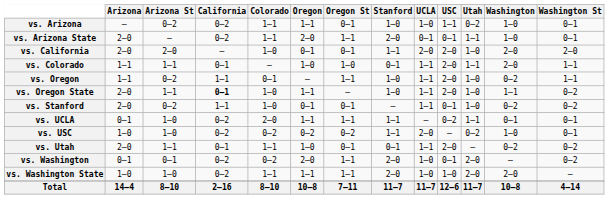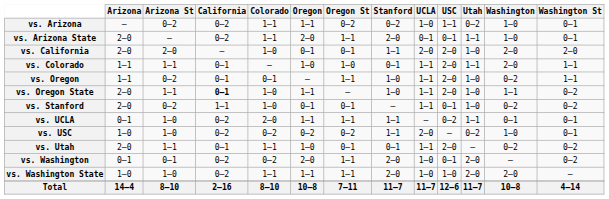 <table class="wikitable" style="white-space:nowrap;font-size:90%;">
 <tr>
 <th colspan=1 style="background:white; border-top-style:hidden; border-left-style:hidden;"   width=75> </th>
 <th>Arizona</th>
 <th>Arizona St</th>
 <th>California</th>
 <th>Colorado</th>
 <th>Oregon</th>
 <th>Oregon St</th>
 <th>Stanford</th>
 <th>UCLA</th>
 <th>USC</th>
 <th>Utah</th>
 <th>Washington</th>
 <th>Washington St</th>
 </tr>
 <tr style="text-align:center;">
 <th>vs. Arizona</th>
 <td>–</td>
 <td>0–2</td>
 <td>0–2</td>
 <td>1–1</td>
 <td>1–1</td>
-<td>0–1</td>
-<td>1–0</td>
+<td>0–2</td>
+<td>0–2</td>
 <td>1–0</td>
 <td>1–1</td>
 <td>0–2</td>
 <td>1–0</td>
 <td>0–1</td>
 </tr>
 <tr style="text-align:center;">
 <th>vs. Arizona State</th>
 <td>2–0</td>
 <td>–</td>
 <td>0–2</td>
 <td>1–1</td>
 <td>2–0</td>
 <td>1–1</td>
 <td>2–0</td>
 <td>0–1</td>
 <td>0–1</td>
 <td>1–1</td>
 <td>1–0</td>
 <td>0–1</td>
 </tr>
 <tr style="text-align:center;">
 <th>vs. California</th>
 <td>2–0</td>
 <td>2–0</td>
 <td>–</td>
 <td>1–0</td>
 <td>0–1</td>
 <td>0–1</td>
 <td>1–1</td>
 <td>2–0</td>
 <td>2–0</td>
 <td>1–0</td>
 <td>2–0</td>
 <td>2–0</td>
 </tr>
 <tr style="text-align:center;">
 <th>vs. Colorado</th>
 <td>1–1</td>
 <td>1–1</td>
 <td>0–1</td>
 <td>–</td>
 <td>1–0</td>
 <td>1–0</td>
 <td>0–1</td>
 <td>1–1</td>
 <td>2–0</td>
 <td>1–1</td>
 <td>2–0</td>
 <td>1–1</td>
 </tr>
 <tr style="text-align:center;">
 <th>vs. Oregon</th>
 <td>1–1</td>
 <td>0–2</td>
-<td>1–1</td>
+<td>0–1</td>
 <td>0–1</td>
 <td>–</td>
 <td>1–1</td>
 <td>1–0</td>
 <td>1–1</td>
 <td>2–0</td>
 <td>1–0</td>
 <td>0–2</td>
 <td>1–1</td>
 </tr>
 <tr style="text-align:center;">
 <th>vs. Oregon State</th>
 <td>2–0</td>
 <td>1–1</td>
 <td><strong>0–1</strong></td>
 <td>1–0</td>
 <td>1–1</td>
 <td>–</td>
 <td>1–0</td>
 <td>1–1</td>
 <td>2–0</td>
 <td>1–0</td>
 <td>1–1</td>
 <td>0–2</td>
 </tr>
 <tr style="text-align:center;">
 <th>vs. Stanford</th>
 <td>2–0</td>
 <td>0–2</td>
 <td>1–1</td>
 <td>1–0</td>
 <td>0–1</td>
 <td>0–1</td>
 <td>–</td>
 <td>1–1</td>
 <td>0–1</td>
 <td>1–0</td>
 <td>0–2</td>
 <td>0–2</td>
 </tr>
 <tr style="text-align:center;">
 <th>vs. UCLA</th>
 <td>0–1</td>
 <td>1–0</td>
 <td>0–2</td>
 <td>2–0</td>
 <td>1–1</td>
 <td>1–1</td>
 <td>1–1</td>
 <td>–</td>
 <td>0–2</td>
 <td>1–1</td>
 <td>0–1</td>
 <td>0–1</td>
 </tr>
 <tr style="text-align:center;">
 <th>vs. USC</th>
 <td>1–0</td>
 <td>1–0</td>
 <td>0–2</td>
 <td>0–2</td>
 <td>0–2</td>
 <td>0–2</td>
 <td>1–1</td>
 <td>2–0</td>
 <td>–</td>
 <td>0–2</td>
 <td>1–0</td>
 <td>0–1</td>
 </tr>
 <tr style="text-align:center;">
 <th>vs. Utah</th>
 <td>2–0</td>
 <td>1–1</td>
 <td>0–1</td>
 <td>1–1</td>
 <td>1–0</td>
 <td>0–1</td>
 <td>0–1</td>
 <td>1–1</td>
 <td>2–0</td>
 <td>–</td>
 <td>0–2</td>
 <td>0–2</td>
 </tr>
 <tr style="text-align:center;">
 <th>vs. Washington</th>
 <td>0–1</td>
 <td>0–1</td>
 <td>0–2</td>
 <td>0–2</td>
 <td>2–0</td>
 <td>1–1</td>
 <td>2–0</td>
 <td>1–0</td>
 <td>0–1</td>
 <td>2–0</td>
 <td>–</td>
 <td>0–2</td>
 </tr>
 <tr style="text-align:center;">
 <th>vs. Washington State</th>
 <td>1–0</td>
 <td>1–0</td>
 <td>0–2</td>
 <td>1–1</td>
 <td>1–1</td>
 <td>1–1</td>
 <td>2–0</td>
 <td>1–0</td>
 <td>1–0</td>
 <td>2–0</td>
 <td>2–0</td>
 <td>–</td>
 </tr>
 <tr style="text-align:center;">
 </tr>
 <tr style="text-align:center;">
 <th>Total</th>
 <th>14–4</th>
 <th>8–10</th>
 <th>2–16</th>
 <th>8–10</th>
 <th>10–8</th>
 <th>7–11</th>
 <th>11–7</th>
 <th>11–7</th>
 <th>12–6</th>
 <th>11–7</th>
 <th>10–8</th>
 <th>4–14</th>
 </tr>
 </table>
